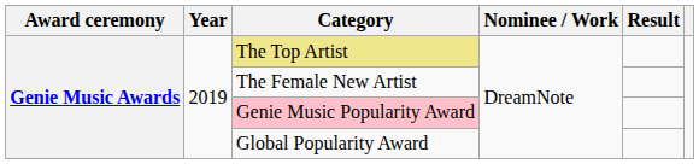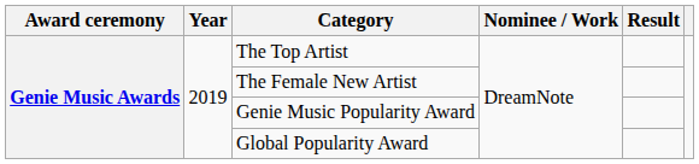 <table class="wikitable plainrowheaders sortable">
 <tr>
 <th scope="col">Award ceremony</th>
 <th scope="col">Year</th>
 <th scope="col">Category</th>
 <th scope="col">Nominee / Work</th>
 <th scope="col">Result</th>
 <th scope="col" class="unsortable"></th>
 </tr>
 <tr>
 <th scope="row" rowspan="4"><a href='#'>Genie Music Awards</a></th>
 <td rowspan="4" style="text-align:center">2019</td>
-<td style="background: khaki;">The Top Artist</td>
+<td>The Top Artist</td>
 <td rowspan="4">DreamNote</td>
 <td></td>
 <td rowspan="4" style="text-align:center"></td>
 </tr>
 <tr>
 <td>The Female New Artist</td>
 <td></td>
 </tr>
 <tr>
-<td style="background: pink;">Genie Music Popularity Award</td>
+<td>Genie Music Popularity Award</td>
 <td></td>
 </tr>
 <tr>
 <td>Global Popularity Award</td>
 <td></td>
 </tr>
 </table>
